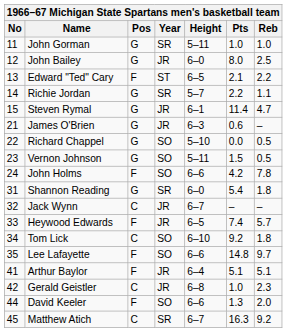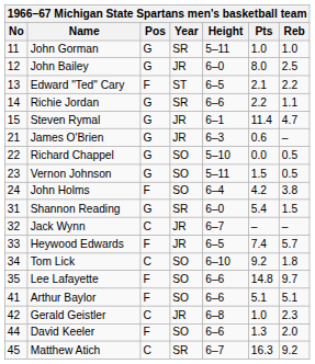 <table class="wikitable sortable" style="font-size: 90%" |->
 <tr>
 <th colspan=9 style=>1966–67 Michigan State Spartans men's basketball team</th>
 </tr>
 <tr>
 <th style="background:#">No</th>
 <th style="background:#">Name</th>
 <th style="background:#">Pos</th>
 <th style="background:#">Year</th>
 <th style="background:#">Height</th>
 <th style="background:#">Pts</th>
 <th style="background:#">Reb</th>
 </tr>
 <tr>
 <td>11</td>
 <td>John Gorman</td>
 <td>G</td>
 <td>SR</td>
 <td>5–11</td>
 <td>1.0</td>
 <td>1.0</td>
 </tr>
 <tr>
 <td>12</td>
 <td>John Bailey</td>
 <td>G</td>
 <td>JR</td>
 <td>6–0</td>
 <td>8.0</td>
 <td>2.5</td>
 </tr>
 <tr>
 <td>13</td>
 <td>Edward "Ted" Cary</td>
 <td>F</td>
 <td>ST</td>
 <td>6–5</td>
 <td>2.1</td>
 <td>2.2</td>
 </tr>
 <tr>
 <td>14</td>
 <td>Richie Jordan</td>
 <td>G</td>
 <td>SR</td>
-<td>5–7</td>
+<td>6–6</td>
 <td>2.2</td>
 <td>1.1</td>
 </tr>
 <tr>
 <td>15</td>
 <td>Steven Rymal</td>
 <td>G</td>
 <td>JR</td>
 <td>6–1</td>
 <td>11.4</td>
 <td>4.7</td>
 </tr>
 <tr>
 <td>21</td>
 <td>James O'Brien</td>
 <td>G</td>
 <td>JR</td>
 <td>6–3</td>
 <td>0.6</td>
 <td>–</td>
 </tr>
 <tr>
 <td>22</td>
 <td>Richard Chappel</td>
 <td>G</td>
 <td>SO</td>
 <td>5–10</td>
 <td>0.0</td>
 <td>0.5</td>
 </tr>
 <tr>
 <td>23</td>
 <td>Vernon Johnson</td>
 <td>G</td>
 <td>SO</td>
 <td>5–11</td>
 <td>1.5</td>
 <td>0.5</td>
 </tr>
 <tr>
 <td>24</td>
 <td>John Holms</td>
 <td>F</td>
 <td>SO</td>
-<td>6–6</td>
+<td>6–4</td>
 <td>4.2</td>
-<td>7.8</td>
+<td>3.8</td>
 </tr>
 <tr>
 <td>31</td>
 <td>Shannon Reading</td>
 <td>G</td>
 <td>SR</td>
 <td>6–0</td>
 <td>5.4</td>
-<td>1.8</td>
+<td>1.5</td>
 </tr>
 <tr>
 <td>32</td>
 <td>Jack Wynn</td>
 <td>C</td>
 <td>JR</td>
 <td>6–7</td>
 <td>–</td>
 <td>–</td>
 </tr>
 <tr>
 <td>33</td>
 <td>Heywood Edwards</td>
 <td>F</td>
 <td>JR</td>
 <td>6–5</td>
 <td>7.4</td>
 <td>5.7</td>
 </tr>
 <tr>
 <td>34</td>
 <td>Tom Lick</td>
 <td>C</td>
 <td>SO</td>
 <td>6–10</td>
 <td>9.2</td>
 <td>1.8</td>
 </tr>
 <tr>
 <td>35</td>
 <td>Lee Lafayette</td>
 <td>F</td>
 <td>SO</td>
 <td>6–6</td>
 <td>14.8</td>
 <td>9.7</td>
 </tr>
 <tr>
 <td>41</td>
 <td>Arthur Baylor</td>
 <td>F</td>
-<td>JR</td>
-<td>6–4</td>
+<td>SO</td>
+<td>6–6</td>
 <td>5.1</td>
 <td>5.1</td>
 </tr>
 <tr>
 <td>42</td>
 <td>Gerald Geistler</td>
 <td>C</td>
 <td>JR</td>
 <td>6–8</td>
 <td>1.0</td>
 <td>2.3</td>
 </tr>
 <tr>
 <td>44</td>
 <td>David Keeler</td>
 <td>F</td>
 <td>SO</td>
 <td>6–6</td>
 <td>1.3</td>
 <td>2.0</td>
 </tr>
 <tr>
 <td>45</td>
 <td>Matthew Atich</td>
 <td>C</td>
 <td>SR</td>
 <td>6–7</td>
 <td>16.3</td>
 <td>9.2</td>
 </tr>
 </table>
